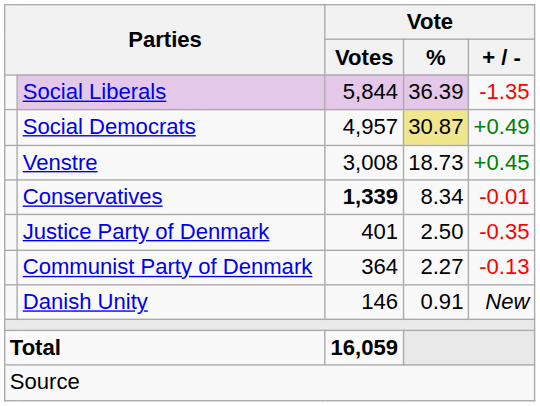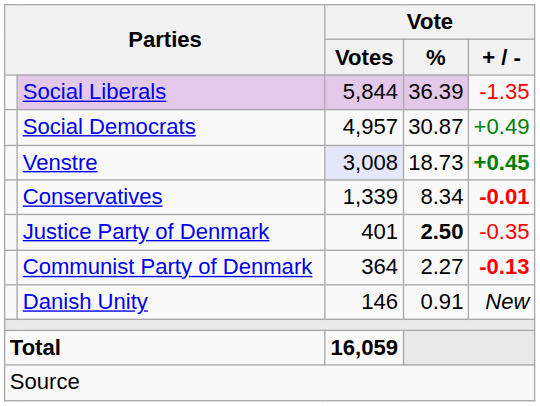 <table class="wikitable" style="text-align:right;">
 <tr>
 <th style="text-align:centre;" rowspan="2" colspan="2" width="225">Parties</th>
 <th colspan="3">Vote</th>
 </tr>
 <tr>
 <th width="15">Votes</th>
 <th width="15">%</th>
 <th width="15">+ / -</th>
 </tr>
 <tr>
 <td width="2" style="color:inherit;background:"></td>
 <td bgcolor=#e3c8e9  align="left"><a href='#'>Social Liberals</a></td>
 <td bgcolor=#e3c8e9>5,844</td>
 <td bgcolor=#e3c8e9>36.39</td>
 <td style=color:red;>-1.35</td>
 </tr>
 <tr>
 <td width="2" style="color:inherit;background:"></td>
 <td align="left"><a href='#'>Social Democrats</a></td>
 <td>4,957</td>
-<td style="background: khaki;">30.87</td>
+<td>30.87</td>
 <td style=color:green;>+0.49</td>
 </tr>
 <tr>
 <td width="2" style="color:inherit;background:"></td>
 <td align="left"><a href='#'>Venstre</a></td>
-<td>3,008</td>
+<td style="background: lavender;">3,008</td>
 <td>18.73</td>
-<td style=color:green;>+0.45</td>
+<td style=color:green;><strong>+0.45</strong></td>
 </tr>
 <tr>
 <td width="2" style="color:inherit;background:"></td>
 <td align="left"><a href='#'>Conservatives</a></td>
-<td><strong>1,339</strong></td>
+<td>1,339</td>
 <td>8.34</td>
-<td style=color:red;>-0.01</td>
+<td style=color:red;><strong>-0.01</strong></td>
 </tr>
 <tr>
 <td width="2" style="color:inherit;background:"></td>
 <td align="left"><a href='#'>Justice Party of Denmark</a></td>
 <td>401</td>
-<td>2.50</td>
+<td><strong>2.50</strong></td>
 <td style=color:red;>-0.35</td>
 </tr>
 <tr>
 <td width="2" style="color:inherit;background:"></td>
 <td align="left"><a href='#'>Communist Party of Denmark</a></td>
 <td>364</td>
 <td>2.27</td>
-<td style=color:red;>-0.13</td>
+<td style=color:red;><strong>-0.13</strong></td>
 </tr>
 <tr>
 <td width="2" style="color:inherit;background:"></td>
 <td align="left"><a href='#'>Danish Unity</a></td>
 <td>146</td>
 <td>0.91</td>
 <td><em>New</em></td>
 </tr>
 <tr>
 <td colspan="7" bgcolor="#E9E9E9"></td>
 </tr>
 <tr>
 <td align="left" colspan="2"><strong>Total</strong></td>
 <td><strong>16,059</strong></td>
 <td bgcolor="#E9E9E9" colspan="2"></td>
 </tr>
 <tr>
 <td align="left" colspan="6">Source</td>
 </tr>
 </table>
